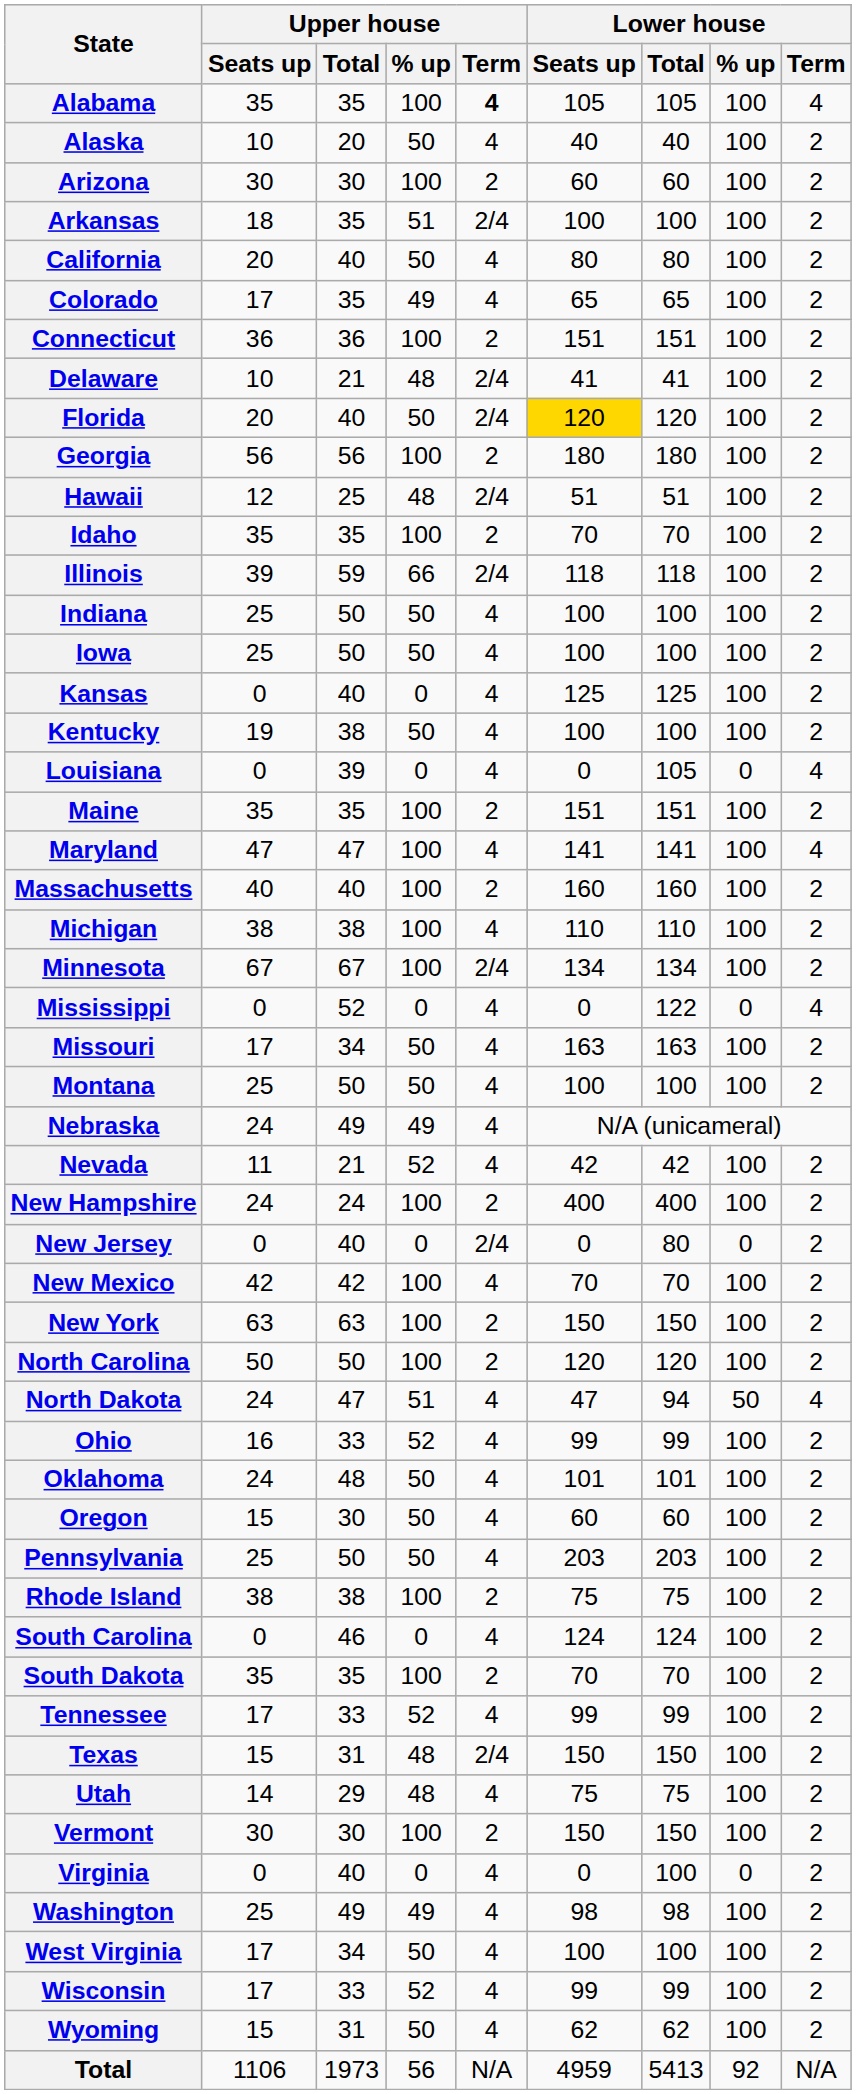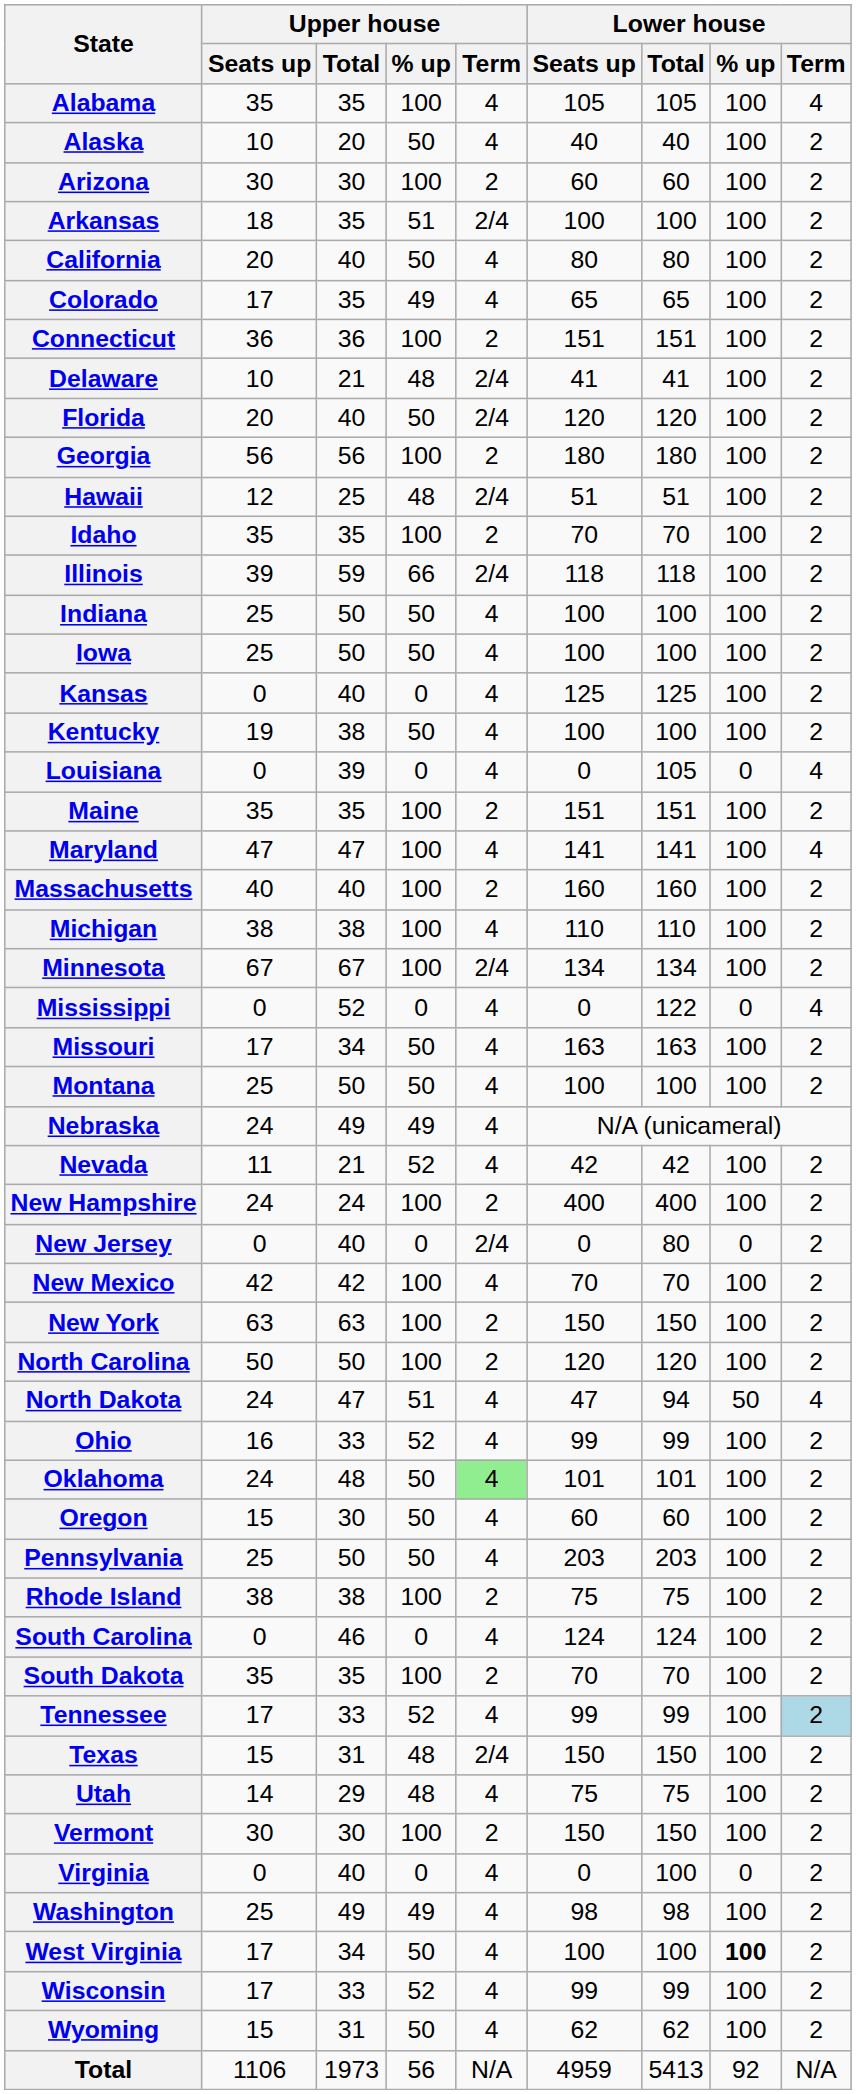 <table class="wikitable sortable plainrowheaders" style="text-align: center;">
 <tr>
 <th rowspan=2>State</th>
 <th colspan=4>Upper house</th>
 <th colspan=4>Lower house</th>
 </tr>
 <tr>
 <th>Seats up</th>
 <th>Total</th>
 <th>% up</th>
 <th>Term</th>
 <th>Seats up</th>
 <th>Total</th>
 <th>% up</th>
 <th>Term</th>
 </tr>
 <tr>
 <th scope="row"><a href='#'>Alabama</a></th>
 <td>35</td>
 <td>35</td>
 <td>100</td>
-<td><strong>4</strong></td>
+<td>4</td>
 <td>105</td>
 <td>105</td>
 <td>100</td>
 <td>4</td>
 </tr>
 <tr>
 <th scope="row"><a href='#'>Alaska</a></th>
 <td>10</td>
 <td>20</td>
 <td>50</td>
 <td>4</td>
 <td>40</td>
 <td>40</td>
 <td>100</td>
 <td>2</td>
 </tr>
 <tr>
 <th scope="row"><a href='#'>Arizona</a></th>
 <td>30</td>
 <td>30</td>
 <td>100</td>
 <td>2</td>
 <td>60</td>
 <td>60</td>
 <td>100</td>
 <td>2</td>
 </tr>
 <tr>
 <th scope="row"><a href='#'>Arkansas</a></th>
 <td>18</td>
 <td>35</td>
 <td>51</td>
 <td>2/4</td>
 <td>100</td>
 <td>100</td>
 <td>100</td>
 <td>2</td>
 </tr>
 <tr>
 <th scope="row"><a href='#'>California</a></th>
 <td>20</td>
 <td>40</td>
 <td>50</td>
 <td>4</td>
 <td>80</td>
 <td>80</td>
 <td>100</td>
 <td>2</td>
 </tr>
 <tr>
 <th scope="row"><a href='#'>Colorado</a></th>
 <td>17</td>
 <td>35</td>
 <td>49</td>
 <td>4</td>
 <td>65</td>
 <td>65</td>
 <td>100</td>
 <td>2</td>
 </tr>
 <tr>
 <th scope="row"><a href='#'>Connecticut</a></th>
 <td>36</td>
 <td>36</td>
 <td>100</td>
 <td>2</td>
 <td>151</td>
 <td>151</td>
 <td>100</td>
 <td>2</td>
 </tr>
 <tr>
 <th scope="row"><a href='#'>Delaware</a></th>
 <td>10</td>
 <td>21</td>
 <td>48</td>
 <td>2/4</td>
 <td>41</td>
 <td>41</td>
 <td>100</td>
 <td>2</td>
 </tr>
 <tr>
 <th scope="row"><a href='#'>Florida</a></th>
 <td>20</td>
 <td>40</td>
 <td>50</td>
 <td>2/4</td>
-<td style="background: gold;">120</td>
+<td>120</td>
 <td>120</td>
 <td>100</td>
 <td>2</td>
 </tr>
 <tr>
 <th scope="row"><a href='#'>Georgia</a></th>
 <td>56</td>
 <td>56</td>
 <td>100</td>
 <td>2</td>
 <td>180</td>
 <td>180</td>
 <td>100</td>
 <td>2</td>
 </tr>
 <tr>
 <th scope="row"><a href='#'>Hawaii</a></th>
 <td>12</td>
 <td>25</td>
 <td>48</td>
 <td>2/4</td>
 <td>51</td>
 <td>51</td>
 <td>100</td>
 <td>2</td>
 </tr>
 <tr>
 <th scope="row"><a href='#'>Idaho</a></th>
 <td>35</td>
 <td>35</td>
 <td>100</td>
 <td>2</td>
 <td>70</td>
 <td>70</td>
 <td>100</td>
 <td>2</td>
 </tr>
 <tr>
 <th scope="row"><a href='#'>Illinois</a></th>
 <td>39</td>
 <td>59</td>
 <td>66</td>
 <td>2/4</td>
 <td>118</td>
 <td>118</td>
 <td>100</td>
 <td>2</td>
 </tr>
 <tr>
 <th scope="row"><a href='#'>Indiana</a></th>
 <td>25</td>
 <td>50</td>
 <td>50</td>
 <td>4</td>
 <td>100</td>
 <td>100</td>
 <td>100</td>
 <td>2</td>
 </tr>
 <tr>
 <th scope="row"><a href='#'>Iowa</a></th>
 <td>25</td>
 <td>50</td>
 <td>50</td>
 <td>4</td>
 <td>100</td>
 <td>100</td>
 <td>100</td>
 <td>2</td>
 </tr>
 <tr>
 <th scope="row"><a href='#'>Kansas</a></th>
 <td>0</td>
 <td>40</td>
 <td>0</td>
 <td>4</td>
 <td>125</td>
 <td>125</td>
 <td>100</td>
 <td>2</td>
 </tr>
 <tr>
 <th scope="row"><a href='#'>Kentucky</a></th>
 <td>19</td>
 <td>38</td>
 <td>50</td>
 <td>4</td>
 <td>100</td>
 <td>100</td>
 <td>100</td>
 <td>2</td>
 </tr>
 <tr>
 <th scope="row"><a href='#'>Louisiana</a></th>
 <td>0</td>
 <td>39</td>
 <td>0</td>
 <td>4</td>
 <td>0</td>
 <td>105</td>
 <td>0</td>
 <td>4</td>
 </tr>
 <tr>
 <th scope="row"><a href='#'>Maine</a></th>
 <td>35</td>
 <td>35</td>
 <td>100</td>
 <td>2</td>
 <td>151</td>
 <td>151</td>
 <td>100</td>
 <td>2</td>
 </tr>
 <tr>
 <th scope="row"><a href='#'>Maryland</a></th>
 <td>47</td>
 <td>47</td>
 <td>100</td>
 <td>4</td>
 <td>141</td>
 <td>141</td>
 <td>100</td>
 <td>4</td>
 </tr>
 <tr>
 <th scope="row"><a href='#'>Massachusetts</a></th>
 <td>40</td>
 <td>40</td>
 <td>100</td>
 <td>2</td>
 <td>160</td>
 <td>160</td>
 <td>100</td>
 <td>2</td>
 </tr>
 <tr>
 <th scope="row"><a href='#'>Michigan</a></th>
 <td>38</td>
 <td>38</td>
 <td>100</td>
 <td>4</td>
 <td>110</td>
 <td>110</td>
 <td>100</td>
 <td>2</td>
 </tr>
 <tr>
 <th scope="row"><a href='#'>Minnesota</a></th>
 <td>67</td>
 <td>67</td>
 <td>100</td>
 <td>2/4</td>
 <td>134</td>
 <td>134</td>
 <td>100</td>
 <td>2</td>
 </tr>
 <tr>
 <th scope="row"><a href='#'>Mississippi</a></th>
 <td>0</td>
 <td>52</td>
 <td>0</td>
 <td>4</td>
 <td>0</td>
 <td>122</td>
 <td>0</td>
 <td>4</td>
 </tr>
 <tr>
 <th scope="row"><a href='#'>Missouri</a></th>
 <td>17</td>
 <td>34</td>
 <td>50</td>
 <td>4</td>
 <td>163</td>
 <td>163</td>
 <td>100</td>
 <td>2</td>
 </tr>
 <tr>
 <th scope="row"><a href='#'>Montana</a></th>
 <td>25</td>
 <td>50</td>
 <td>50</td>
 <td>4</td>
 <td>100</td>
 <td>100</td>
 <td>100</td>
 <td>2</td>
 </tr>
 <tr>
 <th scope="row"><a href='#'>Nebraska</a></th>
 <td>24</td>
 <td>49</td>
 <td>49</td>
 <td>4</td>
 <td colspan=4>N/A (unicameral)</td>
 </tr>
 <tr>
 <th scope="row"><a href='#'>Nevada</a></th>
 <td>11</td>
 <td>21</td>
 <td>52</td>
 <td>4</td>
 <td>42</td>
 <td>42</td>
 <td>100</td>
 <td>2</td>
 </tr>
 <tr>
 <th scope="row"><a href='#'>New Hampshire</a></th>
 <td>24</td>
 <td>24</td>
 <td>100</td>
 <td>2</td>
 <td>400</td>
 <td>400</td>
 <td>100</td>
 <td>2</td>
 </tr>
 <tr>
 <th scope="row"><a href='#'>New Jersey</a></th>
 <td>0</td>
 <td>40</td>
 <td>0</td>
 <td>2/4</td>
 <td>0</td>
 <td>80</td>
 <td>0</td>
 <td>2</td>
 </tr>
 <tr>
 <th scope="row"><a href='#'>New Mexico</a></th>
 <td>42</td>
 <td>42</td>
 <td>100</td>
 <td>4</td>
 <td>70</td>
 <td>70</td>
 <td>100</td>
 <td>2</td>
 </tr>
 <tr>
 <th scope="row"><a href='#'>New York</a></th>
 <td>63</td>
 <td>63</td>
 <td>100</td>
 <td>2</td>
 <td>150</td>
 <td>150</td>
 <td>100</td>
 <td>2</td>
 </tr>
 <tr>
 <th scope="row"><a href='#'>North Carolina</a></th>
 <td>50</td>
 <td>50</td>
 <td>100</td>
 <td>2</td>
 <td>120</td>
 <td>120</td>
 <td>100</td>
 <td>2</td>
 </tr>
 <tr>
 <th scope="row"><a href='#'>North Dakota</a></th>
 <td>24</td>
 <td>47</td>
 <td>51</td>
 <td>4</td>
 <td>47</td>
 <td>94</td>
 <td>50</td>
 <td>4</td>
 </tr>
 <tr>
 <th scope="row"><a href='#'>Ohio</a></th>
 <td>16</td>
 <td>33</td>
 <td>52</td>
 <td>4</td>
 <td>99</td>
 <td>99</td>
 <td>100</td>
 <td>2</td>
 </tr>
 <tr>
 <th scope="row"><a href='#'>Oklahoma</a></th>
 <td>24</td>
 <td>48</td>
 <td>50</td>
-<td>4</td>
+<td style="background: lightgreen;">4</td>
 <td>101</td>
 <td>101</td>
 <td>100</td>
 <td>2</td>
 </tr>
 <tr>
 <th scope="row"><a href='#'>Oregon</a></th>
 <td>15</td>
 <td>30</td>
 <td>50</td>
 <td>4</td>
 <td>60</td>
 <td>60</td>
 <td>100</td>
 <td>2</td>
 </tr>
 <tr>
 <th scope="row"><a href='#'>Pennsylvania</a></th>
 <td>25</td>
 <td>50</td>
 <td>50</td>
 <td>4</td>
 <td>203</td>
 <td>203</td>
 <td>100</td>
 <td>2</td>
 </tr>
 <tr>
 <th scope="row"><a href='#'>Rhode Island</a></th>
 <td>38</td>
 <td>38</td>
 <td>100</td>
 <td>2</td>
 <td>75</td>
 <td>75</td>
 <td>100</td>
 <td>2</td>
 </tr>
 <tr>
 <th scope="row"><a href='#'>South Carolina</a></th>
 <td>0</td>
 <td>46</td>
 <td>0</td>
 <td>4</td>
 <td>124</td>
 <td>124</td>
 <td>100</td>
 <td>2</td>
 </tr>
 <tr>
 <th scope="row"><a href='#'>South Dakota</a></th>
 <td>35</td>
 <td>35</td>
 <td>100</td>
 <td>2</td>
 <td>70</td>
 <td>70</td>
 <td>100</td>
 <td>2</td>
 </tr>
 <tr>
 <th scope="row"><a href='#'>Tennessee</a></th>
 <td>17</td>
 <td>33</td>
 <td>52</td>
 <td>4</td>
 <td>99</td>
 <td>99</td>
 <td>100</td>
-<td>2</td>
+<td style="background: lightblue;">2</td>
 </tr>
 <tr>
 <th scope="row"><a href='#'>Texas</a></th>
 <td>15</td>
 <td>31</td>
 <td>48</td>
 <td>2/4</td>
 <td>150</td>
 <td>150</td>
 <td>100</td>
 <td>2</td>
 </tr>
 <tr>
 <th scope="row"><a href='#'>Utah</a></th>
 <td>14</td>
 <td>29</td>
 <td>48</td>
 <td>4</td>
 <td>75</td>
 <td>75</td>
 <td>100</td>
 <td>2</td>
 </tr>
 <tr>
 <th scope="row"><a href='#'>Vermont</a></th>
 <td>30</td>
 <td>30</td>
 <td>100</td>
 <td>2</td>
 <td>150</td>
 <td>150</td>
 <td>100</td>
 <td>2</td>
 </tr>
 <tr>
 <th scope="row"><a href='#'>Virginia</a></th>
 <td>0</td>
 <td>40</td>
 <td>0</td>
 <td>4</td>
 <td>0</td>
 <td>100</td>
 <td>0</td>
 <td>2</td>
 </tr>
 <tr>
 <th scope="row"><a href='#'>Washington</a></th>
 <td>25</td>
 <td>49</td>
 <td>49</td>
 <td>4</td>
 <td>98</td>
 <td>98</td>
 <td>100</td>
 <td>2</td>
 </tr>
 <tr>
 <th scope="row"><a href='#'>West Virginia</a></th>
 <td>17</td>
 <td>34</td>
 <td>50</td>
 <td>4</td>
 <td>100</td>
 <td>100</td>
-<td>100</td>
+<td><strong>100</strong></td>
 <td>2</td>
 </tr>
 <tr>
 <th scope="row"><a href='#'>Wisconsin</a></th>
 <td>17</td>
 <td>33</td>
 <td>52</td>
 <td>4</td>
 <td>99</td>
 <td>99</td>
 <td>100</td>
 <td>2</td>
 </tr>
 <tr>
 <th scope="row"><a href='#'>Wyoming</a></th>
 <td>15</td>
 <td>31</td>
 <td>50</td>
 <td>4</td>
 <td>62</td>
 <td>62</td>
 <td>100</td>
 <td>2</td>
 </tr>
 <tr class="sortbottom" |>
 <th scope="row">Total</th>
 <td>1106</td>
 <td>1973</td>
 <td>56</td>
 <td>N/A</td>
 <td>4959</td>
 <td>5413</td>
 <td>92</td>
 <td>N/A</td>
 </tr>
 </table>
